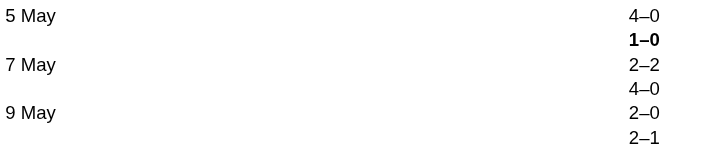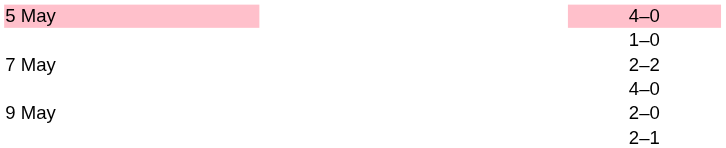 <table cellspacing=1 width=70%>
 <tr>
 <th width=25%></th>
 <th width=30%></th>
 <th width=15%></th>
 <th width=30%></th>
 </tr>
 <tr>
-<td>5 May</td>
+<td style="background: pink;">5 May</td>
 <td align=right></td>
-<td align=center>4–0</td>
+<td align=center style="background: pink;">4–0</td>
 <td></td>
 </tr>
 <tr>
 <td></td>
 <td align=right></td>
-<td align=center><strong>1–0</strong></td>
+<td align=center>1–0</td>
 <td></td>
 </tr>
 <tr>
 <td>7 May</td>
 <td align=right></td>
 <td align=center>2–2</td>
 <td></td>
 </tr>
 <tr>
 <td></td>
 <td align=right></td>
 <td align=center>4–0</td>
 <td></td>
 </tr>
 <tr>
 <td>9 May</td>
 <td align=right></td>
 <td align=center>2–0</td>
 <td></td>
 </tr>
 <tr>
 <td></td>
 <td align=right></td>
 <td align=center>2–1</td>
 <td></td>
 </tr>
 </table>
